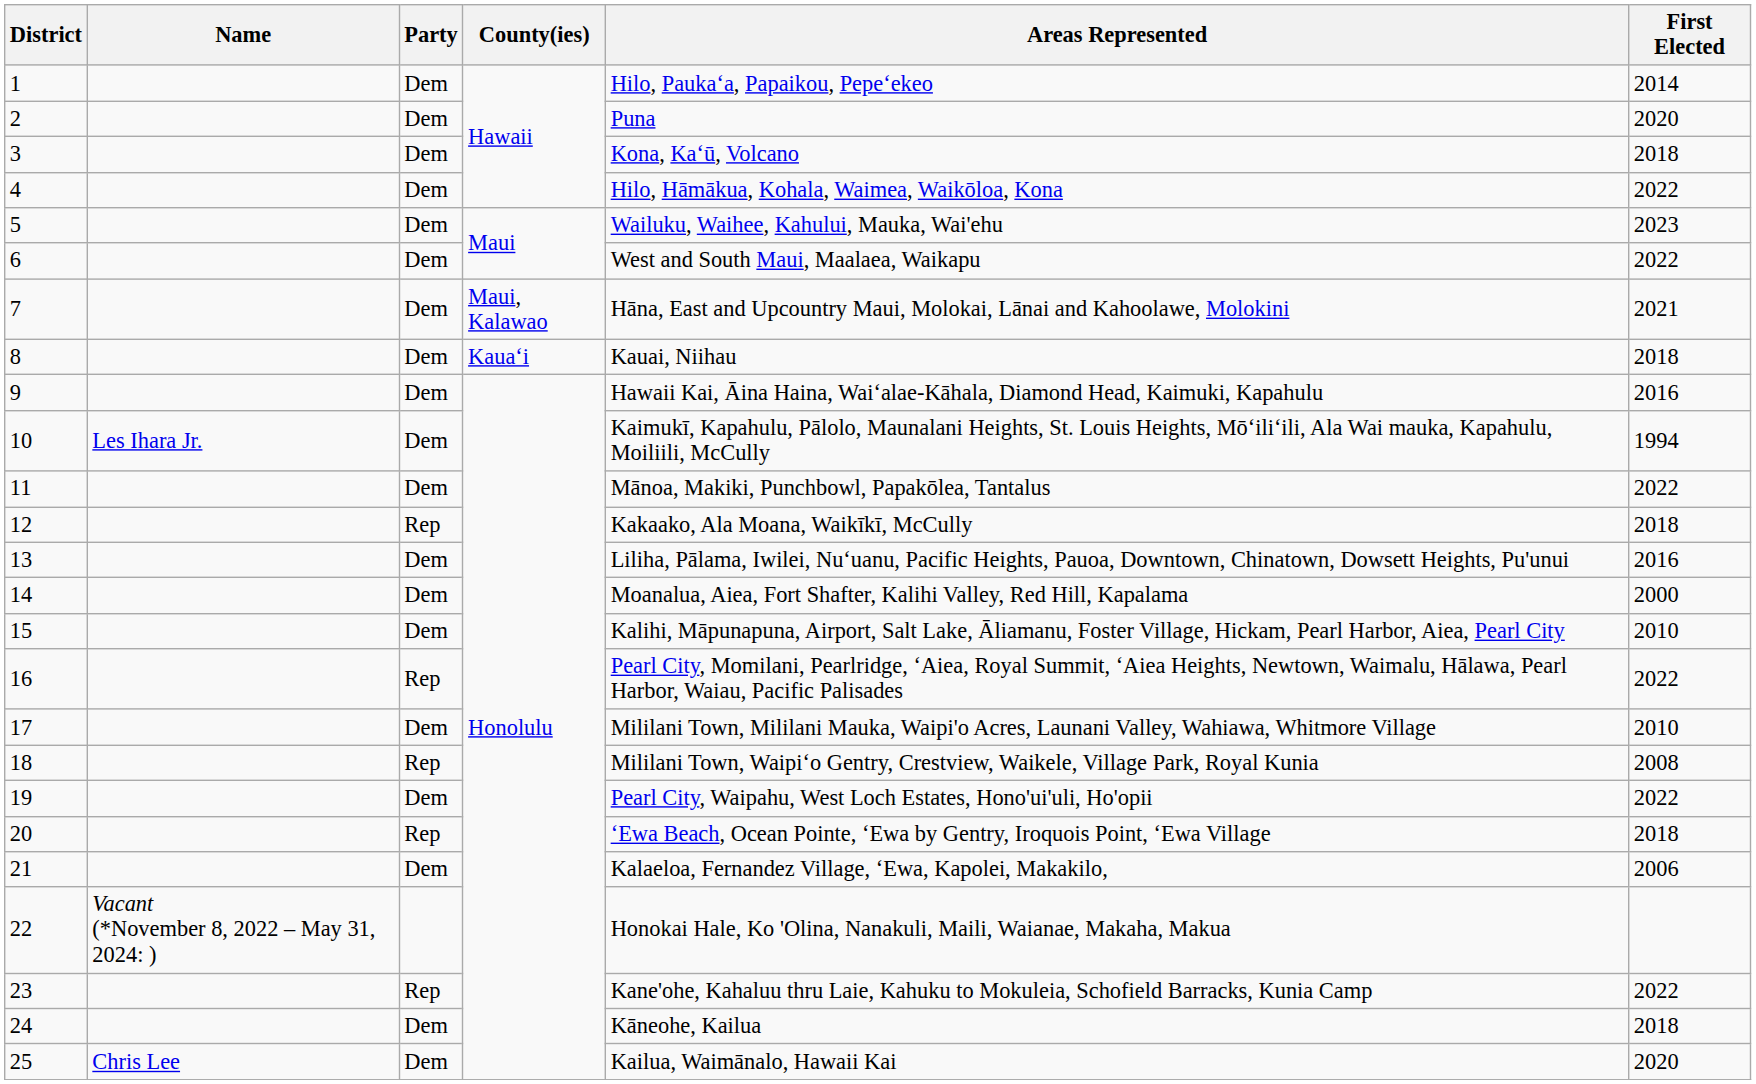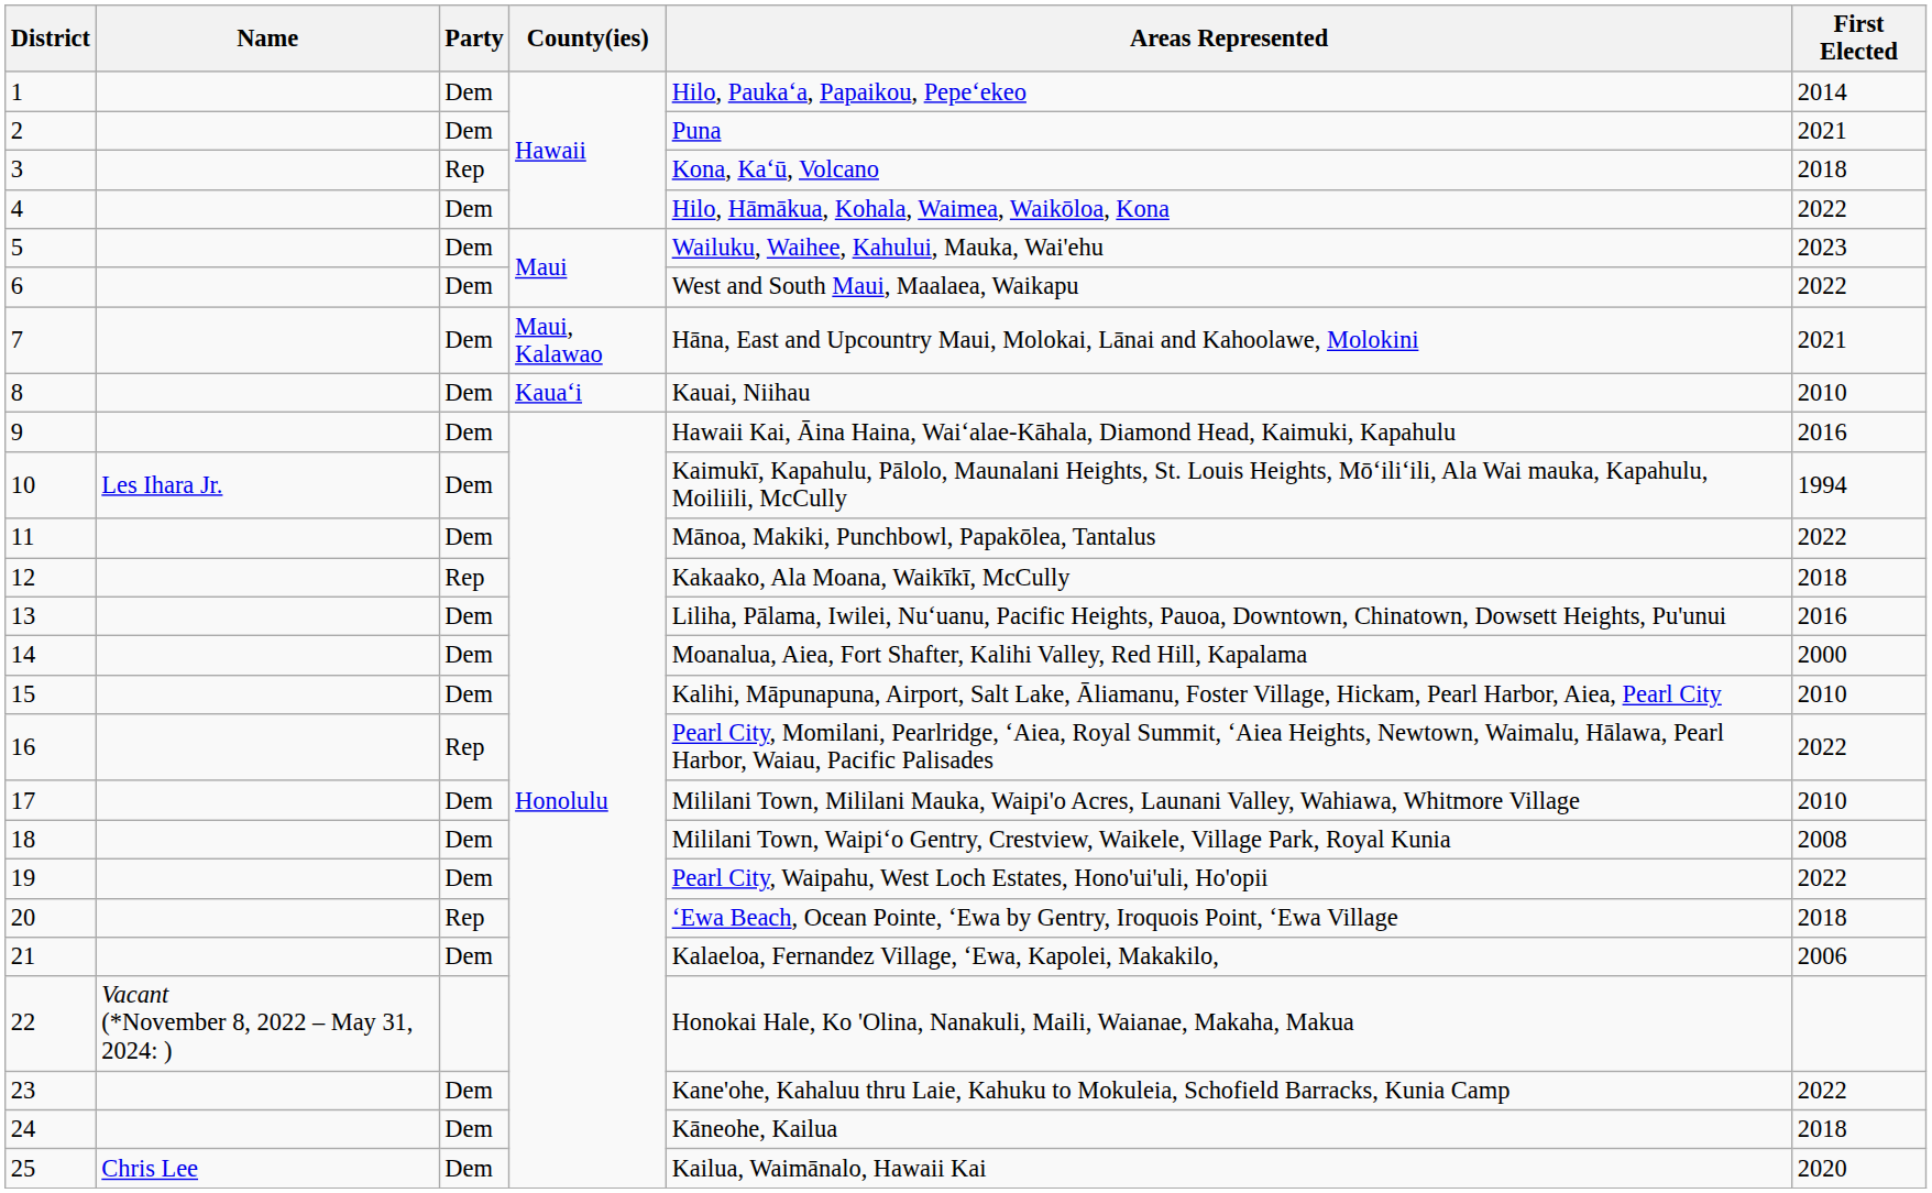 <table class="wikitable sortable">
 <tr>
 <th>District</th>
 <th>Name</th>
 <th>Party</th>
 <th>County(ies)</th>
 <th>Areas Represented</th>
 <th>First Elected</th>
 </tr>
 <tr>
 <td>1</td>
 <td></td>
 <td>Dem</td>
 <td rowspan="4"><a href='#'>Hawaii</a></td>
 <td><a href='#'>Hilo</a>, <a href='#'>Pauka‘a</a>, <a href='#'>Papaikou</a>, <a href='#'>Pepe‘ekeo</a></td>
 <td>2014</td>
 </tr>
 <tr>
 <td>2</td>
 <td></td>
 <td>Dem</td>
 <td><a href='#'>Puna</a></td>
-<td>2020</td>
+<td>2021</td>
 </tr>
 <tr>
 <td>3</td>
 <td></td>
-<td>Dem</td>
+<td>Rep</td>
 <td><a href='#'>Kona</a>, <a href='#'>Kaʻū</a>, <a href='#'>Volcano</a></td>
 <td>2018</td>
 </tr>
 <tr>
 <td>4</td>
 <td></td>
 <td>Dem</td>
 <td><a href='#'>Hilo</a>, <a href='#'>Hāmākua</a>, <a href='#'>Kohala</a>, <a href='#'>Waimea</a>, <a href='#'>Waikōloa</a>, <a href='#'>Kona</a></td>
 <td>2022</td>
 </tr>
 <tr>
 <td>5</td>
 <td></td>
 <td>Dem</td>
 <td rowspan="2"><a href='#'>Maui</a></td>
 <td><a href='#'>Wailuku</a>, <a href='#'>Waihee</a>, <a href='#'>Kahului</a>, Mauka, Wai'ehu</td>
 <td>2023</td>
 </tr>
 <tr>
 <td>6</td>
 <td></td>
 <td>Dem</td>
 <td>West and South <a href='#'>Maui</a>, Maalaea, Waikapu</td>
 <td>2022</td>
 </tr>
 <tr>
 <td>7</td>
 <td></td>
 <td>Dem</td>
 <td><a href='#'>Maui</a>, <a href='#'>Kalawao</a></td>
 <td>Hāna, East and Upcountry Maui, Molokai, Lānai and Kahoolawe, <a href='#'>Molokini</a></td>
 <td>2021</td>
 </tr>
 <tr>
 <td>8</td>
 <td></td>
 <td>Dem</td>
 <td><a href='#'>Kauaʻi</a></td>
 <td>Kauai, Niihau</td>
-<td>2018</td>
+<td>2010</td>
 </tr>
 <tr>
 <td>9</td>
 <td></td>
 <td>Dem</td>
 <td rowspan="17"><a href='#'>Honolulu</a></td>
 <td>Hawaii Kai, Āina Haina, Waiʻalae-Kāhala, Diamond Head, Kaimuki, Kapahulu</td>
 <td>2016</td>
 </tr>
 <tr>
 <td>10</td>
 <td><a href='#'>Les Ihara Jr.</a></td>
 <td>Dem</td>
 <td>Kaimukī, Kapahulu, Pālolo, Maunalani Heights, St. Louis Heights, Mōʻiliʻili, Ala Wai mauka, Kapahulu, Moiliili, McCully</td>
 <td>1994</td>
 </tr>
 <tr>
 <td>11</td>
 <td></td>
 <td>Dem</td>
 <td>Mānoa, Makiki, Punchbowl, Papakōlea, Tantalus</td>
 <td>2022</td>
 </tr>
 <tr>
 <td>12</td>
 <td></td>
 <td>Rep</td>
 <td>Kakaako, Ala Moana, Waikīkī, McCully</td>
 <td>2018</td>
 </tr>
 <tr>
 <td>13</td>
 <td></td>
 <td>Dem</td>
 <td>Liliha, Pālama, Iwilei, Nuʻuanu, Pacific Heights, Pauoa, Downtown, Chinatown, Dowsett Heights, Pu'unui</td>
 <td>2016</td>
 </tr>
 <tr>
 <td>14</td>
 <td></td>
 <td>Dem</td>
 <td>Moanalua, Aiea, Fort Shafter, Kalihi Valley, Red Hill, Kapalama</td>
 <td>2000</td>
 </tr>
 <tr>
 <td>15</td>
 <td></td>
 <td>Dem</td>
 <td>Kalihi, Māpunapuna, Airport, Salt Lake, Āliamanu, Foster Village, Hickam, Pearl Harbor, Aiea, <a href='#'>Pearl City</a></td>
 <td>2010</td>
 </tr>
 <tr>
 <td>16</td>
 <td></td>
 <td>Rep</td>
 <td><a href='#'>Pearl City</a>, Momilani, Pearlridge, ʻAiea, Royal Summit, ʻAiea Heights, Newtown, Waimalu, Hālawa, Pearl Harbor, Waiau, Pacific Palisades</td>
 <td>2022</td>
 </tr>
 <tr>
 <td>17</td>
 <td></td>
 <td>Dem</td>
 <td>Mililani Town, Mililani Mauka, Waipi'o Acres, Launani Valley, Wahiawa, Whitmore Village</td>
 <td>2010</td>
 </tr>
 <tr>
 <td>18</td>
 <td></td>
-<td>Rep</td>
+<td>Dem</td>
 <td>Mililani Town, Waipiʻo Gentry, Crestview, Waikele, Village Park, Royal Kunia</td>
 <td>2008</td>
 </tr>
 <tr>
 <td>19</td>
 <td></td>
 <td>Dem</td>
 <td><a href='#'>Pearl City</a>, Waipahu, West Loch Estates, Hono'ui'uli, Ho'opii</td>
 <td>2022</td>
 </tr>
 <tr>
 <td>20</td>
 <td></td>
 <td>Rep</td>
 <td><a href='#'>ʻEwa Beach</a>, Ocean Pointe, ʻEwa by Gentry, Iroquois Point, ʻEwa Village</td>
 <td>2018</td>
 </tr>
 <tr>
 <td>21</td>
 <td></td>
 <td>Dem</td>
 <td>Kalaeloa, Fernandez Village, ʻEwa, Kapolei, Makakilo,</td>
 <td>2006</td>
 </tr>
 <tr>
 <td>22</td>
 <td><em>Vacant</em><br>(*November 8, 2022 – May 31, 2024:  )</td>
 <td></td>
 <td>Honokai Hale, Ko 'Olina, Nanakuli, Maili, Waianae, Makaha, Makua</td>
 <td></td>
 </tr>
 <tr>
 <td>23</td>
 <td></td>
-<td>Rep</td>
+<td>Dem</td>
 <td>Kane'ohe, Kahaluu thru Laie, Kahuku to Mokuleia, Schofield Barracks, Kunia Camp</td>
 <td>2022</td>
 </tr>
 <tr>
 <td>24</td>
 <td></td>
 <td>Dem</td>
 <td>Kāneohe, Kailua</td>
 <td>2018</td>
 </tr>
 <tr>
 <td>25</td>
 <td><a href='#'>Chris Lee</a></td>
 <td>Dem</td>
 <td>Kailua, Waimānalo, Hawaii Kai</td>
 <td>2020</td>
 </tr>
 <tr>
 </tr>
 </table>
